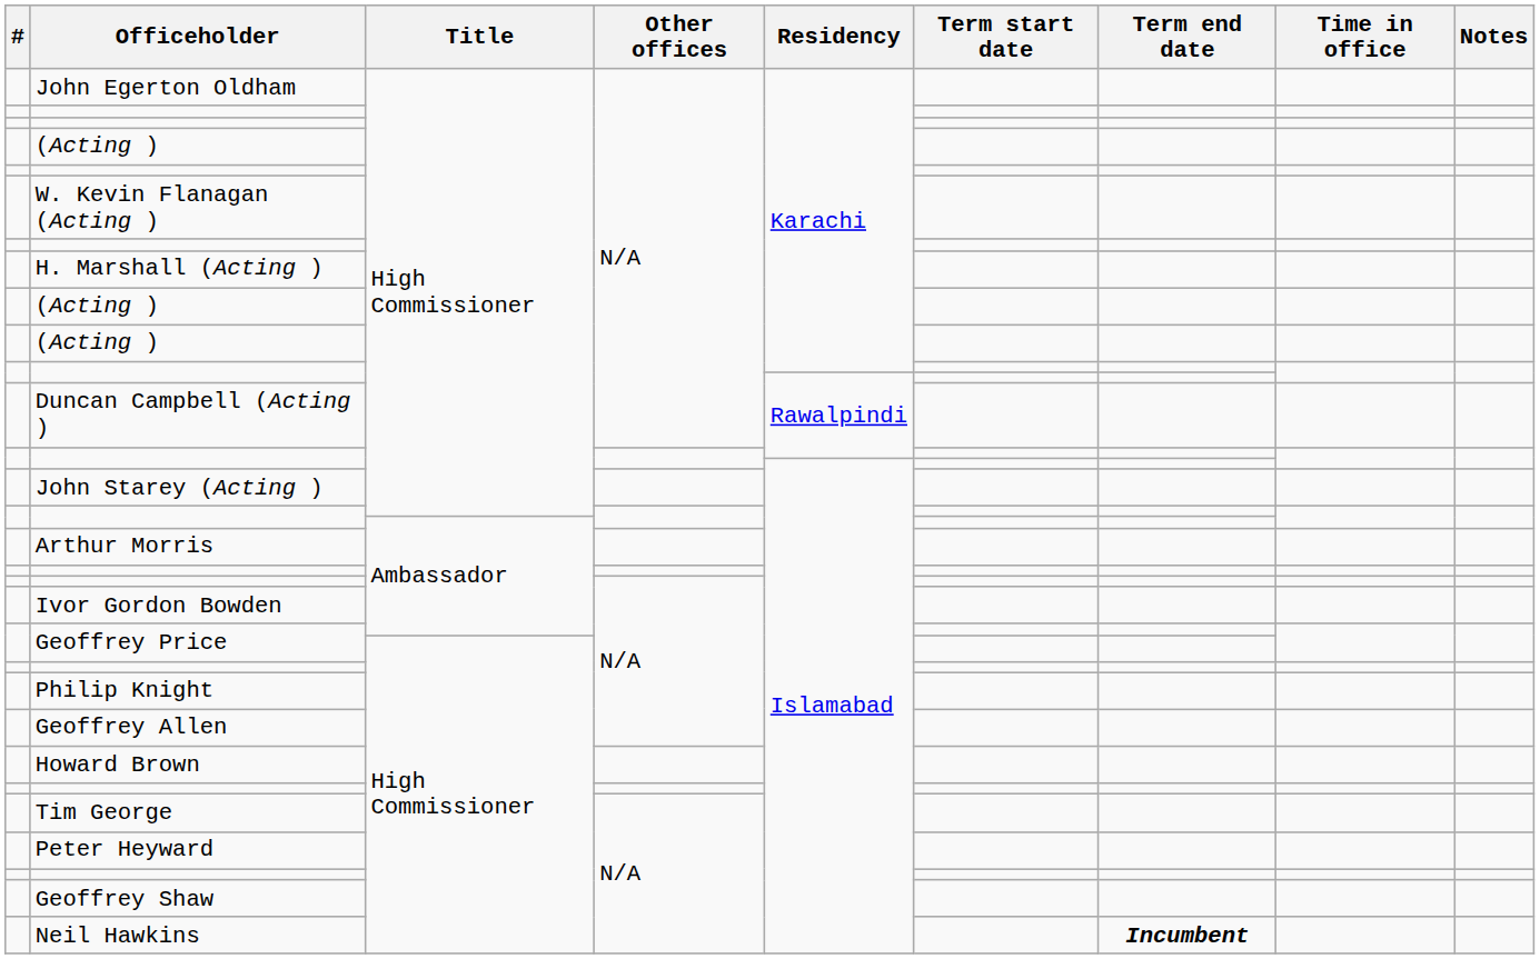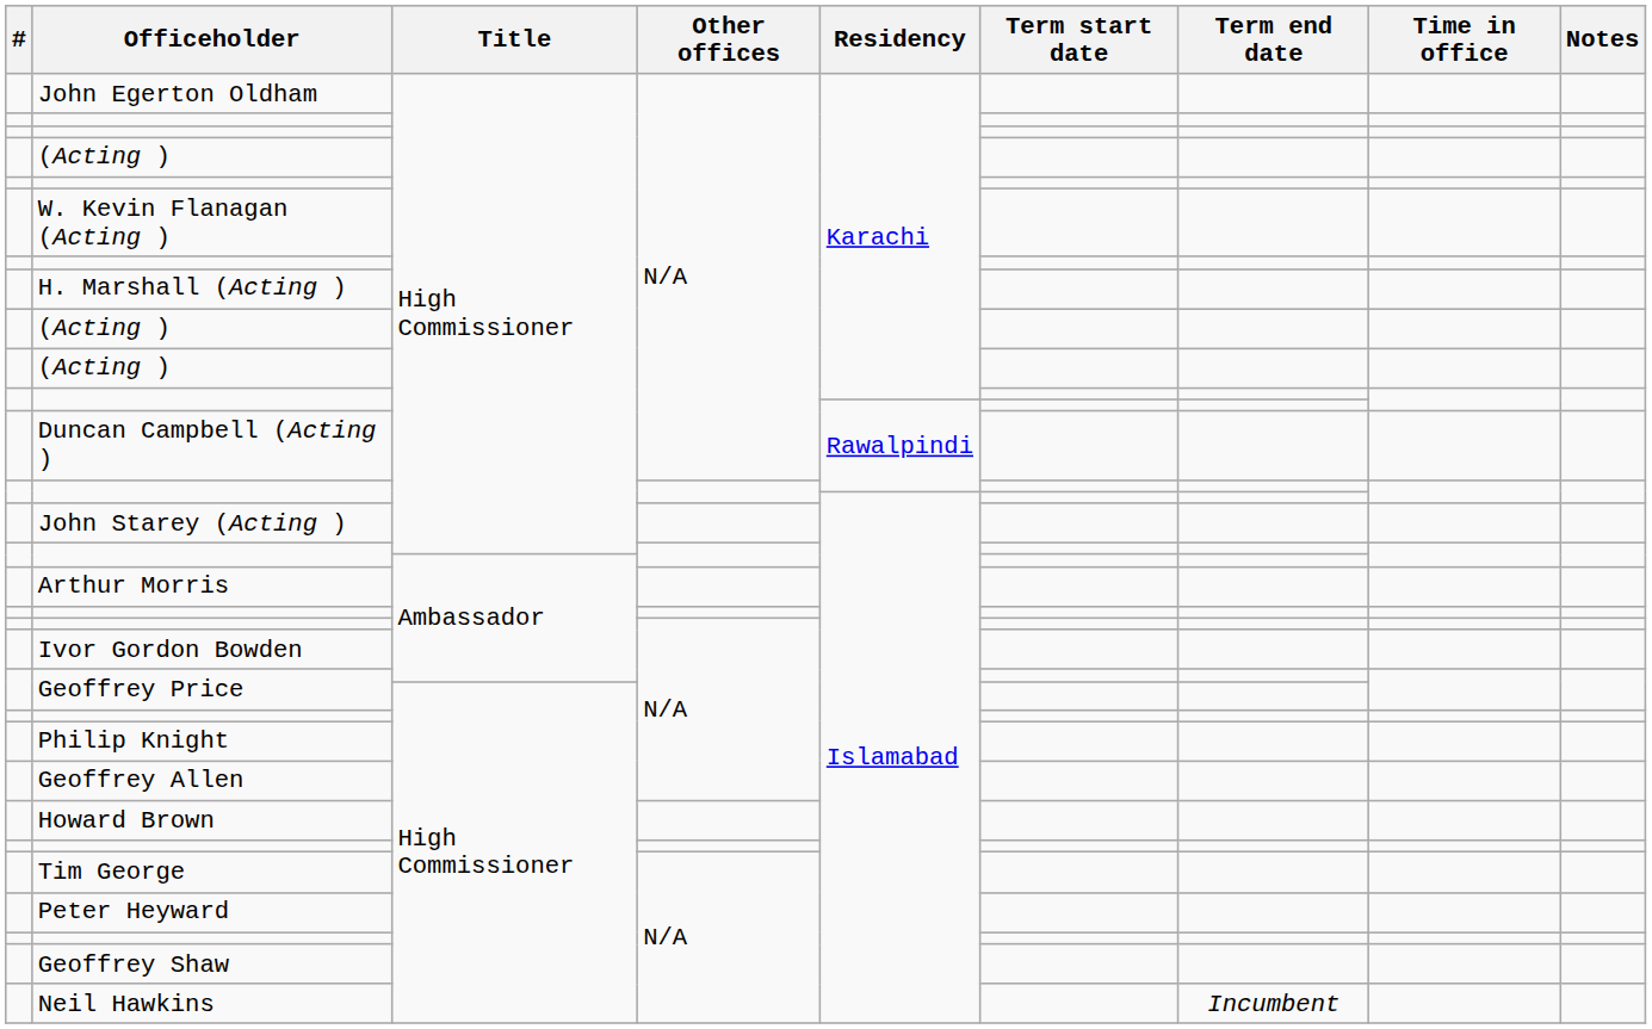 <table class='wikitable sortable'>
 <tr>
 <th>#</th>
 <th>Officeholder</th>
 <th>Title</th>
 <th>Other offices</th>
 <th>Residency</th>
 <th>Term start date</th>
 <th>Term end date</th>
 <th>Time in office</th>
 <th>Notes</th>
 </tr>
 <tr>
 <td align=center></td>
 <td>John Egerton Oldham</td>
 <td rowspan=17>High Commissioner</td>
 <td rowspan=13>N/A</td>
 <td rowspan=11><a href='#'>Karachi</a></td>
 <td align=center></td>
 <td align=center></td>
 <td align=right></td>
 <td></td>
 </tr>
 <tr>
 <td align=center></td>
 <td></td>
 <td align=center></td>
 <td align=center></td>
 <td align=right></td>
 <td></td>
 </tr>
 <tr>
 <td align=center></td>
 <td></td>
 <td align=center></td>
 <td align=center></td>
 <td align=right></td>
 <td></td>
 </tr>
 <tr>
 <td align=center></td>
 <td> (<em>Acting</em> )</td>
 <td align=center></td>
 <td align=center></td>
 <td align=right></td>
 <td></td>
 </tr>
 <tr>
 <td align=center></td>
 <td> </td>
 <td align=center></td>
 <td align=center></td>
 <td align=right></td>
 <td></td>
 </tr>
 <tr>
 <td align=center></td>
 <td>W. Kevin Flanagan (<em>Acting</em> )</td>
 <td align=center></td>
 <td align=center></td>
 <td align=right></td>
 <td></td>
 </tr>
 <tr>
 <td align=center></td>
 <td></td>
 <td align=center></td>
 <td align=center></td>
 <td align=right></td>
 <td></td>
 </tr>
 <tr>
 <td align=center></td>
 <td>H. Marshall (<em>Acting</em> )</td>
 <td align=center></td>
 <td align=center></td>
 <td align=right></td>
 <td></td>
 </tr>
 <tr>
 <td align=center></td>
 <td> (<em>Acting</em> )</td>
 <td align=center></td>
 <td align=center></td>
 <td align=right></td>
 <td></td>
 </tr>
 <tr>
 <td align=center></td>
 <td> (<em>Acting</em> )</td>
 <td align=center></td>
 <td align=center></td>
 <td align=right></td>
 <td></td>
 </tr>
 <tr>
 <td rowspan=2 align=center></td>
 <td rowspan=2></td>
 <td align=center></td>
 <td align=center></td>
 <td rowspan=2 align=right></td>
 <td rowspan=2></td>
 </tr>
 <tr>
 <td rowspan=3><a href='#'>Rawalpindi</a></td>
 <td align=center></td>
 <td align=center></td>
 </tr>
 <tr>
 <td align=center></td>
 <td>Duncan Campbell (<em>Acting</em> )</td>
 <td align=center></td>
 <td align=center></td>
 <td align=right></td>
 <td></td>
 </tr>
 <tr>
 <td rowspan=2 align=center></td>
 <td rowspan=2></td>
 <td rowspan=2></td>
 <td align=center></td>
 <td align=center></td>
 <td rowspan=2 align=right></td>
 <td rowspan=2></td>
 </tr>
 <tr>
 <td rowspan=20><a href='#'>Islamabad</a></td>
 <td align=center></td>
 <td align=center></td>
 </tr>
 <tr>
 <td align=center></td>
 <td>John Starey (<em>Acting</em> )</td>
 <td></td>
 <td align=center></td>
 <td align=center></td>
 <td align=right></td>
 <td></td>
 </tr>
 <tr>
 <td rowspan=2 align=center></td>
 <td rowspan=2></td>
 <td rowspan=2></td>
 <td align=center></td>
 <td align=center></td>
 <td rowspan=2 align=right></td>
 <td rowspan=2></td>
 </tr>
 <tr>
 <td rowspan=6>Ambassador</td>
 <td align=center></td>
 <td align=center></td>
 </tr>
 <tr>
 <td align=center></td>
 <td>Arthur Morris</td>
 <td></td>
 <td align=center></td>
 <td align=center></td>
 <td align=right></td>
 <td></td>
 </tr>
 <tr>
 <td align=center></td>
 <td></td>
 <td></td>
 <td align=center></td>
 <td align=center></td>
 <td align=right><strong></strong></td>
 <td></td>
 </tr>
 <tr>
 <td align=center></td>
 <td></td>
 <td rowspan=7>N/A</td>
 <td align=center></td>
 <td align=center></td>
 <td align=right></td>
 <td></td>
 </tr>
 <tr>
 <td align=center></td>
 <td>Ivor Gordon Bowden</td>
 <td align=center></td>
 <td align=center></td>
 <td align=right></td>
 <td></td>
 </tr>
 <tr>
 <td rowspan=2 align=center></td>
 <td rowspan=2>Geoffrey Price</td>
 <td align=center></td>
 <td align=center></td>
 <td rowspan=2 align=right></td>
 <td rowspan=2></td>
 </tr>
 <tr>
 <td rowspan=11>High Commissioner</td>
 <td align=center></td>
 <td align=center></td>
 </tr>
 <tr>
 <td align=center></td>
 <td></td>
 <td align=center></td>
 <td align=center></td>
 <td align=right></td>
 <td></td>
 </tr>
 <tr>
 <td align=center></td>
 <td>Philip Knight</td>
 <td align=center></td>
 <td align=center></td>
 <td align=right></td>
 <td></td>
 </tr>
 <tr>
 <td align=center></td>
 <td>Geoffrey Allen</td>
 <td align=center></td>
 <td align=center></td>
 <td align=right></td>
 <td></td>
 </tr>
 <tr>
 <td align=center></td>
 <td>Howard Brown</td>
 <td></td>
 <td align=center></td>
 <td align=center></td>
 <td align=right></td>
 <td></td>
 </tr>
 <tr>
 <td align=center></td>
 <td></td>
 <td></td>
 <td align=center></td>
 <td align=center></td>
 <td align=right></td>
 <td></td>
 </tr>
 <tr>
 <td align=center></td>
 <td>Tim George</td>
 <td rowspan=5>N/A</td>
 <td align=center></td>
 <td align=center></td>
 <td align=right></td>
 <td></td>
 </tr>
 <tr>
 <td align=center></td>
 <td>Peter Heyward</td>
 <td align=center></td>
 <td align=center></td>
 <td align=right></td>
 <td></td>
 </tr>
 <tr>
 <td align=center></td>
 <td></td>
 <td align=center></td>
 <td align=center></td>
 <td align=right></td>
 <td></td>
 </tr>
 <tr>
 <td align=center></td>
 <td>Geoffrey Shaw</td>
 <td align=center></td>
 <td align=center></td>
 <td align=right></td>
 <td></td>
 </tr>
 <tr>
 <td align=center></td>
 <td>Neil Hawkins</td>
 <td align=center></td>
-<td align=center><strong><em>Incumbent</em></strong></td>
+<td align=center><em>Incumbent</em></td>
 <td align=right></td>
 <td></td>
 </tr>
 </table>
